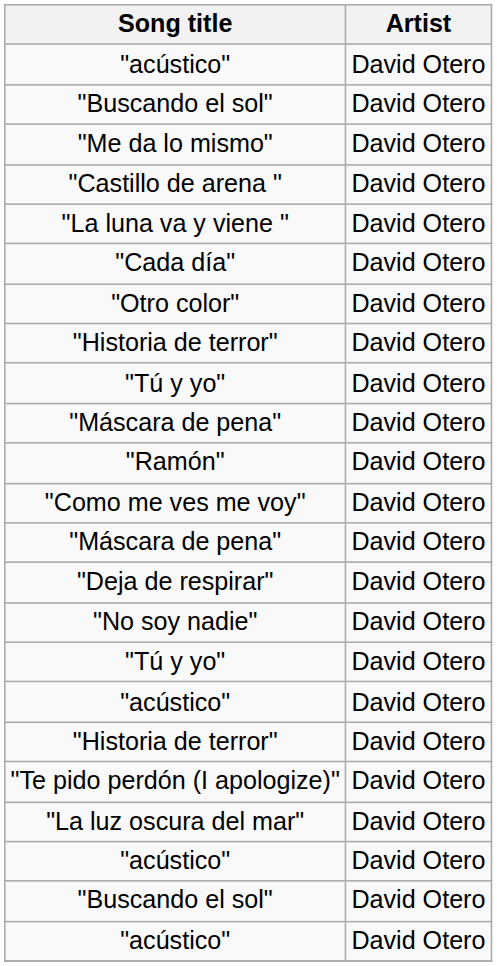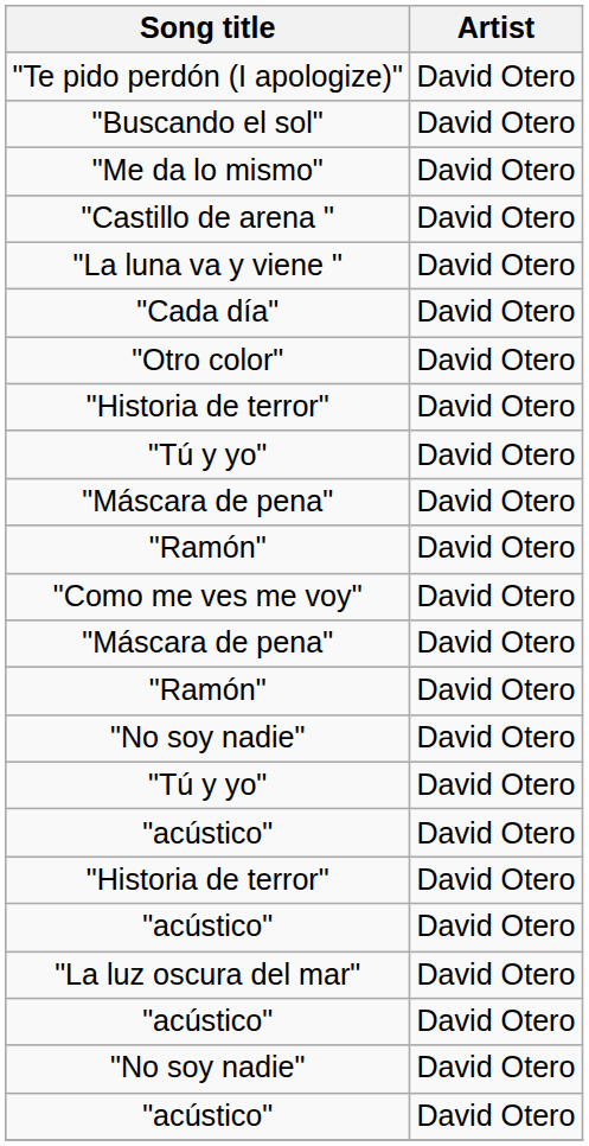 <table class="wikitable sortable" style="text-align:center;">
 <tr>
 <th scope="col">Song title</th>
 <th scope="col">Artist</th>
 </tr>
 <tr>
-<td>"acústico"</td>
+<td>"Te pido perdón (I apologize)"</td>
 <td>David Otero</td>
 </tr>
 <tr>
 <td>"Buscando el sol"</td>
 <td>David Otero</td>
 </tr>
 <tr>
 <td>"Me da lo mismo"</td>
 <td>David Otero</td>
 </tr>
 <tr>
 <td>"Castillo de arena "</td>
 <td>David Otero</td>
 </tr>
 <tr>
 <td>"La luna va y viene "</td>
 <td>David Otero</td>
 </tr>
 <tr>
 <td>"Cada día"</td>
 <td>David Otero</td>
 </tr>
 <tr>
 <td>"Otro color"</td>
 <td>David Otero</td>
 </tr>
 <tr>
 <td>"Historia de terror"</td>
 <td>David Otero</td>
 </tr>
 <tr>
 <td>"Tú y yo"</td>
 <td>David Otero</td>
 </tr>
 <tr>
 <td>"Máscara de pena"</td>
 <td>David Otero</td>
 </tr>
 <tr>
 <td>"Ramón"</td>
 <td>David Otero</td>
 </tr>
 <tr>
 <td>"Como me ves me voy"</td>
 <td>David Otero</td>
 </tr>
 <tr>
 <td>"Máscara de pena"</td>
 <td>David Otero</td>
 </tr>
 <tr>
-<td>"Deja de respirar"</td>
+<td>"Ramón"</td>
 <td>David Otero</td>
 </tr>
 <tr>
 <td>"No soy nadie"</td>
 <td>David Otero</td>
 </tr>
 <tr>
 <td>"Tú y yo"</td>
 <td>David Otero</td>
 </tr>
 <tr>
 <td>"acústico"</td>
 <td>David Otero</td>
 </tr>
 <tr>
 <td>"Historia de terror"</td>
 <td>David Otero</td>
 </tr>
 <tr>
-<td>"Te pido perdón (I apologize)"</td>
+<td>"acústico"</td>
 <td>David Otero</td>
 </tr>
 <tr>
 <td>"La luz oscura del mar"</td>
 <td>David Otero</td>
 </tr>
 <tr>
 <td>"acústico"</td>
 <td>David Otero</td>
 </tr>
 <tr>
-<td>"Buscando el sol"</td>
+<td>"No soy nadie"</td>
 <td>David Otero</td>
 </tr>
 <tr>
 <td>"acústico"</td>
 <td>David Otero</td>
 </tr>
 <tr>
 </tr>
 </table>
